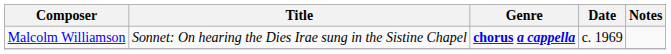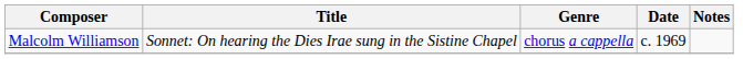 <table class="wikitable sortable" style="text-align: left">
 <tr>
 <th>Composer</th>
 <th>Title</th>
 <th>Genre</th>
 <th>Date</th>
 <th>Notes</th>
 </tr>
 <tr>
 <td><a href='#'>Malcolm Williamson</a></td>
 <td><em>Sonnet: On hearing the Dies Irae sung in the Sistine Chapel</em></td>
-<td><strong><a href='#'>chorus</a> <em><a href='#'>a cappella</a></em></strong></td>
+<td><a href='#'>chorus</a> <em><a href='#'>a cappella</a></em></td>
 <td>c. 1969</td>
 <td></td>
 </tr>
 <tr>
 </tr>
 </table>
